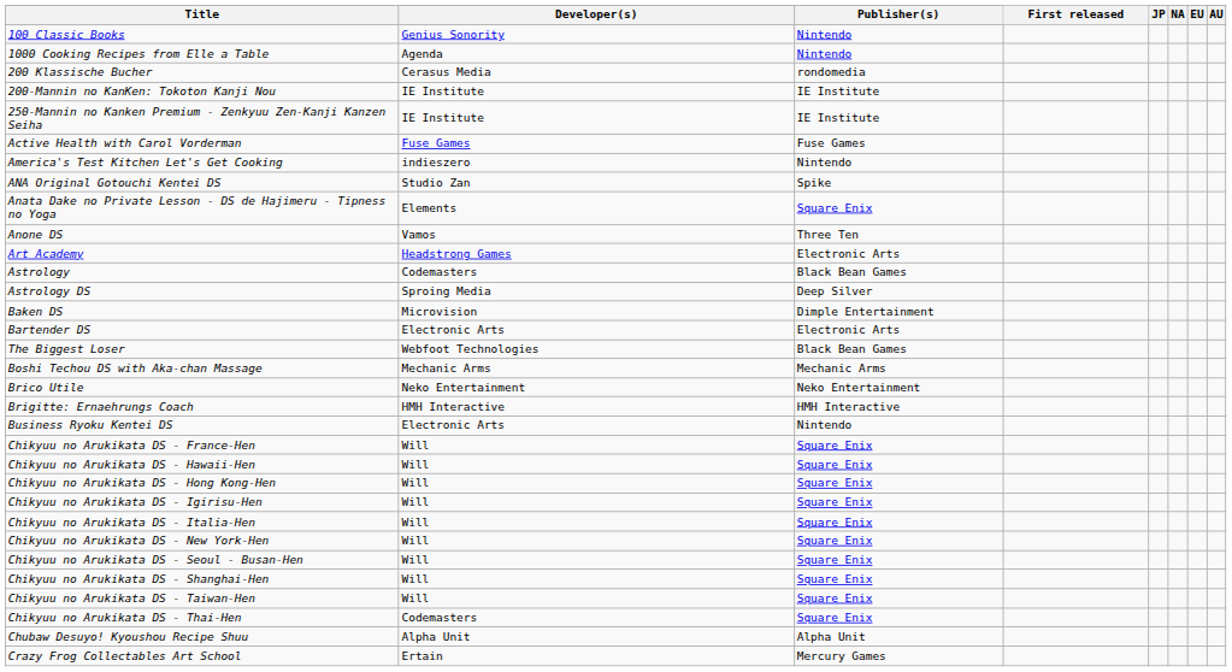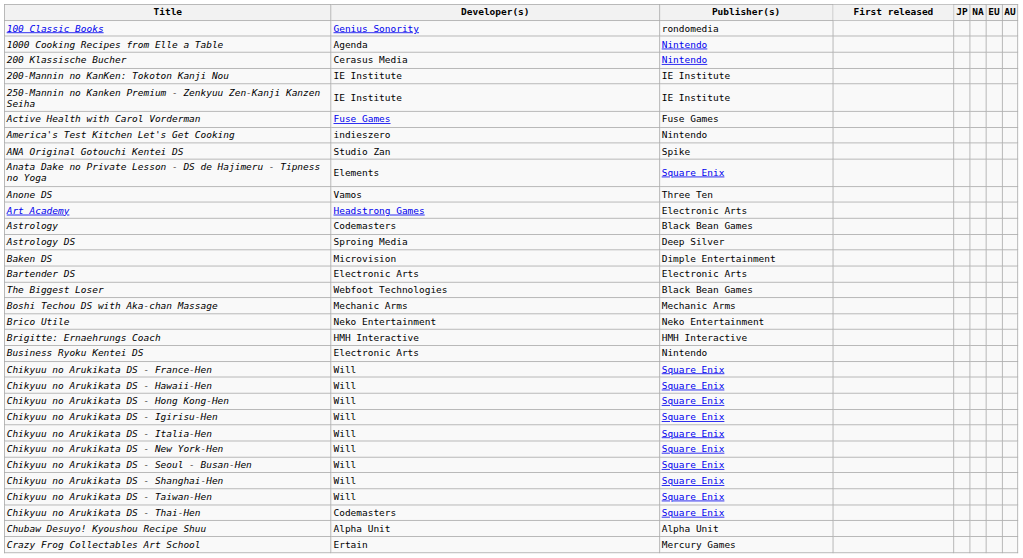 <table class="wikitable plainrowheaders sortable" style="font-size:90%;" id="applist">
 <tr>
 <th width=40%>Title</th>
 <th width=40%>Developer(s)</th>
 <th width=85%>Publisher(s)</th>
 <th style="display:inline-block; border:0; width:144px;">First released</th>
 <th width=5%>JP</th>
 <th width=5%>NA</th>
 <th width=5%>EU</th>
 <th width=5%>AU</th>
 </tr>
 <tr>
 <td><em><a href='#'>100 Classic Books</a></em></td>
 <td><a href='#'>Genius Sonority</a></td>
-<td><a href='#'>Nintendo</a></td>
+<td>rondomedia</td>
 <td></td>
 <td></td>
 <td></td>
 <td></td>
 <td></td>
 </tr>
 <tr>
 <td><em>1000 Cooking Recipes from Elle a Table</em></td>
 <td>Agenda</td>
 <td><a href='#'>Nintendo</a></td>
 <td></td>
 <td></td>
 <td></td>
 <td></td>
 <td></td>
 </tr>
 <tr>
 <td><em>200 Klassische Bucher</em></td>
 <td>Cerasus Media</td>
-<td>rondomedia</td>
+<td><a href='#'>Nintendo</a></td>
 <td></td>
 <td></td>
 <td></td>
 <td></td>
 <td></td>
 </tr>
 <tr>
 <td><em>200-Mannin no KanKen: Tokoton Kanji Nou</em></td>
 <td>IE Institute</td>
 <td>IE Institute</td>
 <td></td>
 <td></td>
 <td></td>
 <td></td>
 <td></td>
 </tr>
 <tr>
 <td><em>250-Mannin no Kanken Premium - Zenkyuu Zen-Kanji Kanzen Seiha</em></td>
 <td>IE Institute</td>
 <td>IE Institute</td>
 <td></td>
 <td></td>
 <td></td>
 <td></td>
 <td></td>
 </tr>
 <tr>
 <td><em>Active Health with Carol Vorderman</em></td>
 <td><a href='#'>Fuse Games</a></td>
 <td>Fuse Games</td>
 <td></td>
 <td></td>
 <td></td>
 <td></td>
 <td></td>
 </tr>
 <tr>
 <td><em>America's Test Kitchen Let's Get Cooking</em></td>
 <td>indieszero</td>
 <td>Nintendo</td>
 <td></td>
 <td></td>
 <td></td>
 <td></td>
 <td></td>
 </tr>
 <tr>
 <td><em>ANA Original Gotouchi Kentei DS</em></td>
 <td>Studio Zan</td>
 <td>Spike</td>
 <td></td>
 <td></td>
 <td></td>
 <td></td>
 <td></td>
 </tr>
 <tr>
 <td><em>Anata Dake no Private Lesson - DS de Hajimeru - Tipness no Yoga</em></td>
 <td>Elements</td>
 <td><a href='#'>Square Enix</a></td>
 <td></td>
 <td></td>
 <td></td>
 <td></td>
 <td></td>
 </tr>
 <tr>
 <td><em>Anone DS</em></td>
 <td>Vamos</td>
 <td>Three Ten</td>
 <td></td>
 <td></td>
 <td></td>
 <td></td>
 <td></td>
 </tr>
 <tr>
 <td><em><a href='#'>Art Academy</a></em></td>
 <td><a href='#'>Headstrong Games</a></td>
 <td>Electronic Arts</td>
 <td></td>
 <td></td>
 <td></td>
 <td></td>
 <td></td>
 </tr>
 <tr>
 <td><em>Astrology</em></td>
 <td>Codemasters</td>
 <td>Black Bean Games</td>
 <td></td>
 <td></td>
 <td></td>
 <td></td>
 <td></td>
 </tr>
 <tr>
 <td><em>Astrology DS</em></td>
 <td>Sproing Media</td>
 <td>Deep Silver</td>
 <td></td>
 <td></td>
 <td></td>
 <td></td>
 <td></td>
 </tr>
 <tr>
 <td><em>Baken DS</em></td>
 <td>Microvision</td>
 <td>Dimple Entertainment</td>
 <td></td>
 <td></td>
 <td></td>
 <td></td>
 <td></td>
 </tr>
 <tr>
 <td><em>Bartender DS</em></td>
 <td>Electronic Arts</td>
 <td>Electronic Arts</td>
 <td></td>
 <td></td>
 <td></td>
 <td></td>
 <td></td>
 </tr>
 <tr>
 <td><em>The Biggest Loser</em></td>
 <td>Webfoot Technologies</td>
 <td>Black Bean Games</td>
 <td></td>
 <td></td>
 <td></td>
 <td></td>
 <td></td>
 </tr>
 <tr>
 <td><em>Boshi Techou DS with Aka-chan Massage</em></td>
 <td>Mechanic Arms</td>
 <td>Mechanic Arms</td>
 <td></td>
 <td></td>
 <td></td>
 <td></td>
 <td></td>
 </tr>
 <tr>
 <td><em>Brico Utile</em></td>
 <td>Neko Entertainment</td>
 <td>Neko Entertainment</td>
 <td></td>
 <td></td>
 <td></td>
 <td></td>
 <td></td>
 </tr>
 <tr>
 <td><em>Brigitte: Ernaehrungs Coach</em></td>
 <td>HMH Interactive</td>
 <td>HMH Interactive</td>
 <td></td>
 <td></td>
 <td></td>
 <td></td>
 <td></td>
 </tr>
 <tr>
 <td><em>Business Ryoku Kentei DS</em></td>
 <td>Electronic Arts</td>
 <td>Nintendo</td>
 <td></td>
 <td></td>
 <td></td>
 <td></td>
 <td></td>
 </tr>
 <tr>
 <td><em>Chikyuu no Arukikata DS - France-Hen</em></td>
 <td>Will</td>
 <td><a href='#'>Square Enix</a></td>
 <td></td>
 <td></td>
 <td></td>
 <td></td>
 <td></td>
 </tr>
 <tr>
 <td><em>Chikyuu no Arukikata DS - Hawaii-Hen</em></td>
 <td>Will</td>
 <td><a href='#'>Square Enix</a></td>
 <td></td>
 <td></td>
 <td></td>
 <td></td>
 <td></td>
 </tr>
 <tr>
 <td><em>Chikyuu no Arukikata DS - Hong Kong-Hen</em></td>
 <td>Will</td>
 <td><a href='#'>Square Enix</a></td>
 <td></td>
 <td></td>
 <td></td>
 <td></td>
 <td></td>
 </tr>
 <tr>
 <td><em>Chikyuu no Arukikata DS - Igirisu-Hen</em></td>
 <td>Will</td>
 <td><a href='#'>Square Enix</a></td>
 <td></td>
 <td></td>
 <td></td>
 <td></td>
 <td></td>
 </tr>
 <tr>
 <td><em>Chikyuu no Arukikata DS - Italia-Hen</em></td>
 <td>Will</td>
 <td><a href='#'>Square Enix</a></td>
 <td></td>
 <td></td>
 <td></td>
 <td></td>
 <td></td>
 </tr>
 <tr>
 <td><em>Chikyuu no Arukikata DS - New York-Hen</em></td>
 <td>Will</td>
 <td><a href='#'>Square Enix</a></td>
 <td></td>
 <td></td>
 <td></td>
 <td></td>
 <td></td>
 </tr>
 <tr>
 <td><em>Chikyuu no Arukikata DS - Seoul - Busan-Hen</em></td>
 <td>Will</td>
 <td><a href='#'>Square Enix</a></td>
 <td></td>
 <td></td>
 <td></td>
 <td></td>
 <td></td>
 </tr>
 <tr>
 <td><em>Chikyuu no Arukikata DS - Shanghai-Hen</em></td>
 <td>Will</td>
 <td><a href='#'>Square Enix</a></td>
 <td></td>
 <td></td>
 <td></td>
 <td></td>
 <td></td>
 </tr>
 <tr>
 <td><em>Chikyuu no Arukikata DS - Taiwan-Hen</em></td>
 <td>Will</td>
 <td><a href='#'>Square Enix</a></td>
 <td></td>
 <td></td>
 <td></td>
 <td></td>
 <td></td>
 </tr>
 <tr>
 <td><em>Chikyuu no Arukikata DS - Thai-Hen</em></td>
 <td>Codemasters</td>
 <td><a href='#'>Square Enix</a></td>
 <td></td>
 <td></td>
 <td></td>
 <td></td>
 <td></td>
 </tr>
 <tr>
 <td><em>Chubaw Desuyo! Kyoushou Recipe Shuu</em></td>
 <td>Alpha Unit</td>
 <td>Alpha Unit</td>
 <td></td>
 <td></td>
 <td></td>
 <td></td>
 <td></td>
 </tr>
 <tr>
 <td><em>Crazy Frog Collectables Art School</em></td>
 <td>Ertain</td>
 <td>Mercury Games</td>
 <td></td>
 <td></td>
 <td></td>
 <td></td>
 <td></td>
 </tr>
 </table>
